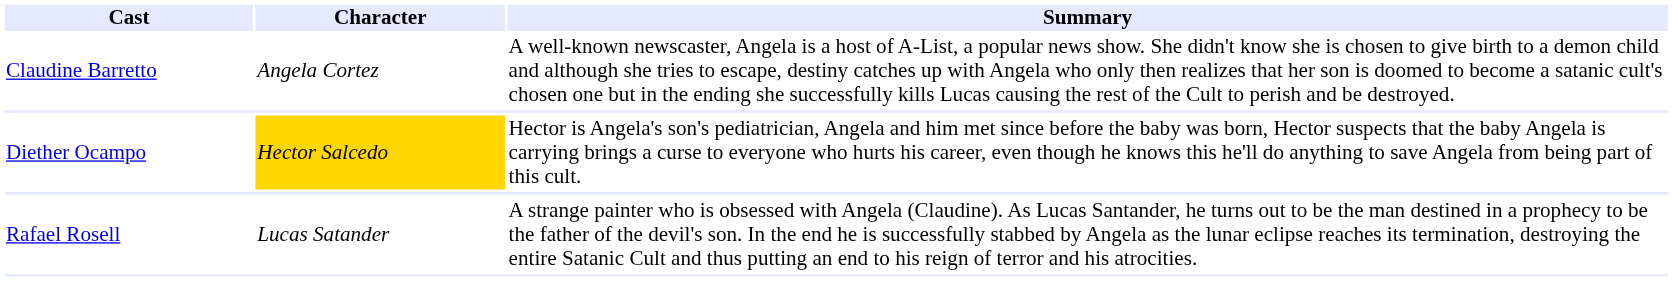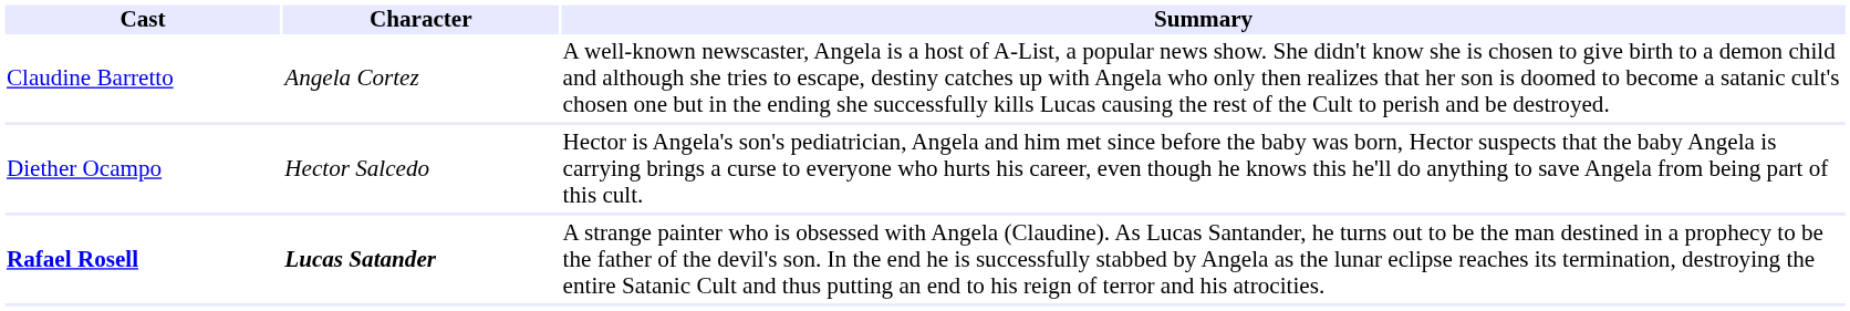 <table border="0" align="center" width="100%">
 <tr bgcolor="#e6e9ff" align="center">
 <th width="15%">Cast</th>
 <th width="15%">Character</th>
 <th width="15">Summary</th>
 </tr>
 <tr>
 <td><a href='#'>Claudine Barretto</a></td>
 <td><em> Angela Cortez</em></td>
 <td>A well-known newscaster, Angela is a host of A-List, a popular news show. She didn't know she is chosen to give birth to a demon child and although she tries to escape, destiny catches up with Angela who only then realizes that her son is doomed to become a satanic cult's chosen one but in the ending she successfully kills Lucas causing the rest of the Cult to perish and be destroyed.</td>
 </tr>
 <tr>
 <td colspan="3" style="background: #e6e9ff;"></td>
 </tr>
 <tr>
 <td><a href='#'>Diether Ocampo</a></td>
-<td style="background: gold;"><em> Hector Salcedo</em></td>
+<td><em> Hector Salcedo</em></td>
 <td>Hector is Angela's son's pediatrician, Angela and him met since before the baby was born, Hector suspects that the baby Angela is carrying brings a curse to everyone who hurts his career, even though he knows this he'll do anything to save Angela from being part of this cult.</td>
 </tr>
 <tr>
 <td colspan="3" style="background: #e6e9ff;"></td>
 </tr>
 <tr>
-<td><a href='#'>Rafael Rosell</a></td>
-<td><em>Lucas Satander</em></td>
+<td><strong><a href='#'>Rafael Rosell</a></strong></td>
+<td><strong><em>Lucas Satander</em></strong></td>
 <td>A strange painter who is obsessed with Angela (Claudine). As Lucas Santander, he turns out to be the man destined in a prophecy to be the father of the devil's son. In the end he is successfully stabbed by Angela as the lunar eclipse reaches its termination, destroying the entire Satanic Cult and thus putting an end to his reign of terror and his atrocities.</td>
 </tr>
 <tr>
 <td colspan="3" style="background: #e6e9ff;"></td>
 </tr>
 <tr>
 </tr>
 </table>
